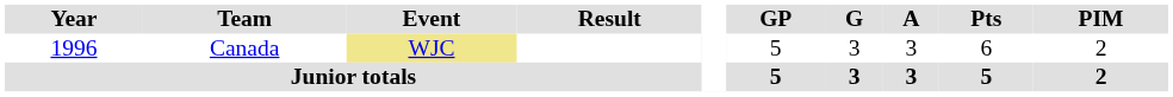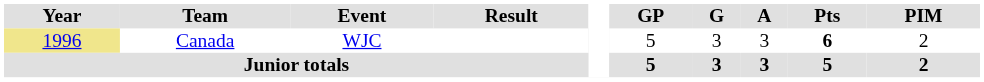 <table border="0" cellpadding="1" cellspacing="0" ID="Table3" style="text-align:center; width:50em">
 <tr style="text-align:center; background:#e0e0e0;">
 <th>Year</th>
 <th>Team</th>
 <th>Event</th>
 <th>Result</th>
 <th rowspan="99" bgcolor="#ffffff"> </th>
 <th>GP</th>
 <th>G</th>
 <th>A</th>
 <th>Pts</th>
 <th>PIM</th>
 </tr>
 <tr>
-<td><a href='#'>1996</a></td>
+<td style="background: khaki;"><a href='#'>1996</a></td>
 <td><a href='#'>Canada</a></td>
-<td style="background: khaki;"><a href='#'>WJC</a></td>
+<td><a href='#'>WJC</a></td>
 <td></td>
 <td>5</td>
 <td>3</td>
 <td>3</td>
-<td>6</td>
+<td><strong>6</strong></td>
 <td>2</td>
 </tr>
 <tr style="background:#e0e0e0;">
 <th colspan=4>Junior totals</th>
 <th>5</th>
 <th>3</th>
 <th>3</th>
 <th>5</th>
 <th>2</th>
 </tr>
 </table>
